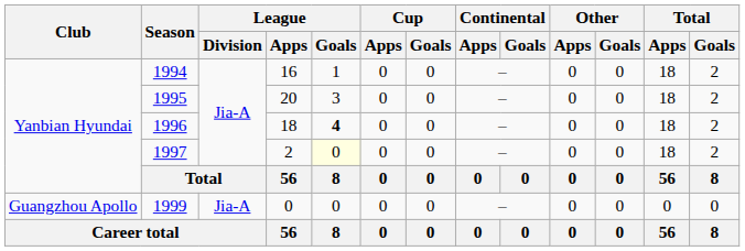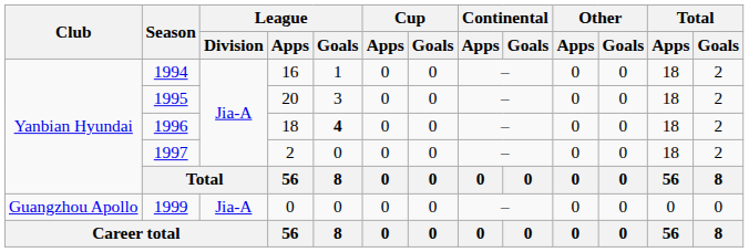 <table class="wikitable" style="text-align: center">
 <tr>
 <th rowspan="2">Club</th>
 <th rowspan="2">Season</th>
 <th colspan="3">League</th>
 <th colspan="2">Cup</th>
 <th colspan="2">Continental</th>
 <th colspan="2">Other</th>
 <th colspan="2">Total</th>
 </tr>
 <tr>
 <th>Division</th>
 <th>Apps</th>
 <th>Goals</th>
 <th>Apps</th>
 <th>Goals</th>
 <th>Apps</th>
 <th>Goals</th>
 <th>Apps</th>
 <th>Goals</th>
 <th>Apps</th>
 <th>Goals</th>
 </tr>
 <tr>
 <td rowspan="5"><a href='#'>Yanbian Hyundai</a></td>
 <td><a href='#'>1994</a></td>
 <td rowspan="4"><a href='#'>Jia-A</a></td>
 <td>16</td>
 <td>1</td>
 <td>0</td>
 <td>0</td>
 <td colspan="2">–</td>
 <td>0</td>
 <td>0</td>
 <td>18</td>
 <td>2</td>
 </tr>
 <tr>
 <td><a href='#'>1995</a></td>
 <td>20</td>
 <td>3</td>
 <td>0</td>
 <td>0</td>
 <td colspan="2">–</td>
 <td>0</td>
 <td>0</td>
 <td>18</td>
 <td>2</td>
 </tr>
 <tr>
 <td><a href='#'>1996</a></td>
 <td>18</td>
 <td><strong>4</strong></td>
 <td>0</td>
 <td>0</td>
 <td colspan="2">–</td>
 <td>0</td>
 <td>0</td>
 <td>18</td>
 <td>2</td>
 </tr>
 <tr>
 <td><a href='#'>1997</a></td>
 <td>2</td>
-<td style="background: lightyellow;">0</td>
+<td>0</td>
 <td>0</td>
 <td>0</td>
 <td colspan="2">–</td>
 <td>0</td>
 <td>0</td>
 <td>18</td>
 <td>2</td>
 </tr>
 <tr>
 <th colspan=2>Total</th>
 <th>56</th>
 <th>8</th>
 <th>0</th>
 <th>0</th>
 <th>0</th>
 <th>0</th>
 <th>0</th>
 <th>0</th>
 <th>56</th>
 <th>8</th>
 </tr>
 <tr>
 <td><a href='#'>Guangzhou Apollo</a></td>
 <td><a href='#'>1999</a></td>
 <td><a href='#'>Jia-A</a></td>
 <td>0</td>
 <td>0</td>
 <td>0</td>
 <td>0</td>
 <td colspan="2">–</td>
 <td>0</td>
 <td>0</td>
 <td>0</td>
 <td>0</td>
 </tr>
 <tr>
 <th colspan=3>Career total</th>
 <th>56</th>
 <th>8</th>
 <th>0</th>
 <th>0</th>
 <th>0</th>
 <th>0</th>
 <th>0</th>
 <th>0</th>
 <th>56</th>
 <th>8</th>
 </tr>
 </table>
